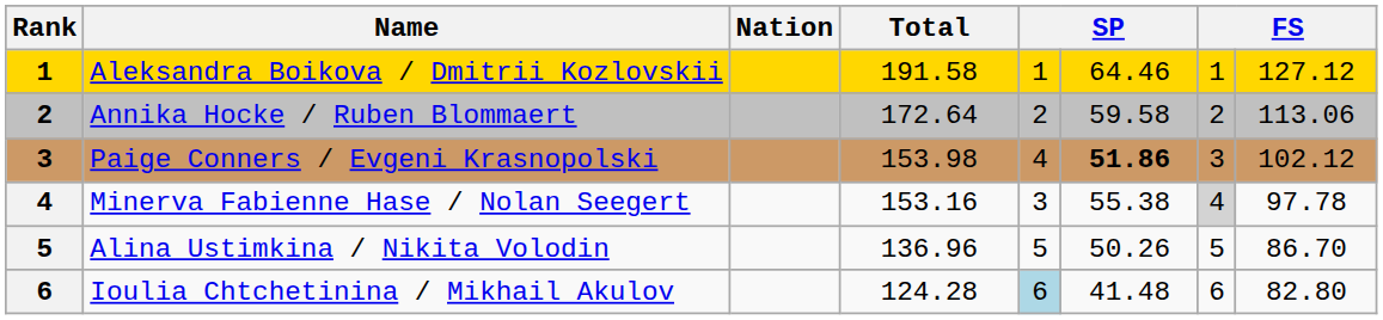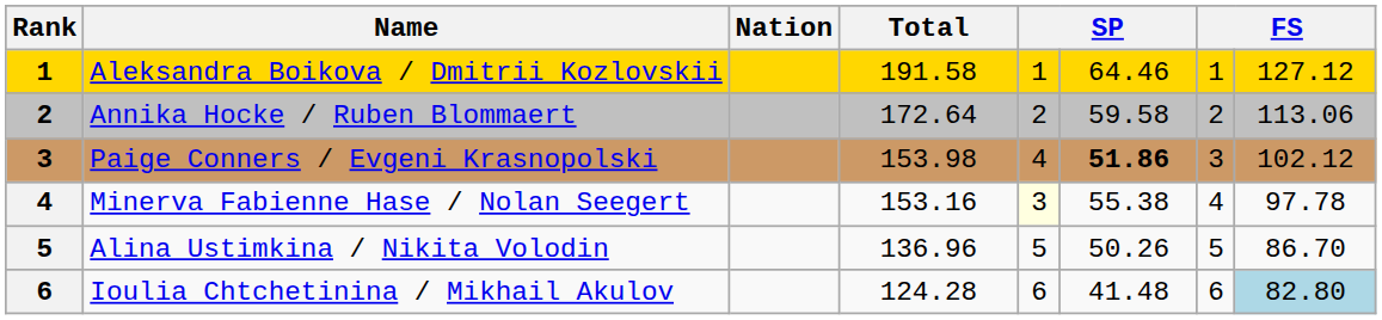 <table class="wikitable sortable">
 <tr>
 <th>Rank</th>
 <th>Name</th>
 <th>Nation</th>
 <th width="80px">Total</th>
 <th colspan="2" width="80px"><a href='#'>SP</a></th>
 <th colspan="2" width="80px"><a href='#'>FS</a></th>
 </tr>
 <tr bgcolor="gold">
 <td align="center"><strong>1</strong></td>
 <td><a href='#'>Aleksandra Boikova</a> / <a href='#'>Dmitrii Kozlovskii</a></td>
 <td></td>
 <td align="center">191.58</td>
 <td align="center">1</td>
 <td align="center">64.46</td>
 <td align="center">1</td>
 <td align="center">127.12</td>
 </tr>
 <tr bgcolor="silver">
 <td align="center"><strong>2</strong></td>
 <td><a href='#'>Annika Hocke</a> / <a href='#'>Ruben Blommaert</a></td>
 <td></td>
 <td align="center">172.64</td>
 <td align="center">2</td>
 <td align="center">59.58</td>
 <td align="center">2</td>
 <td align="center">113.06</td>
 </tr>
 <tr bgcolor="cc9966">
 <td align="center"><strong>3</strong></td>
 <td><a href='#'>Paige Conners</a> / <a href='#'>Evgeni Krasnopolski</a></td>
 <td></td>
 <td align="center">153.98</td>
 <td align="center">4</td>
 <td align="center"><strong>51.86</strong></td>
 <td align="center">3</td>
 <td align="center">102.12</td>
 </tr>
 <tr>
 <th>4</th>
 <td><a href='#'>Minerva Fabienne Hase</a> / <a href='#'>Nolan Seegert</a></td>
 <td></td>
 <td align="center">153.16</td>
-<td align="center">3</td>
+<td align="center" style="background: lightyellow;">3</td>
 <td align="center">55.38</td>
-<td align="center" style="background: lightgrey;">4</td>
+<td align="center">4</td>
 <td align="center">97.78</td>
 </tr>
 <tr>
 <th>5</th>
 <td><a href='#'>Alina Ustimkina</a> / <a href='#'>Nikita Volodin</a></td>
 <td></td>
 <td align="center">136.96</td>
 <td align="center">5</td>
 <td align="center">50.26</td>
 <td align="center">5</td>
 <td align="center">86.70</td>
 </tr>
 <tr>
 <th>6</th>
 <td><a href='#'>Ioulia Chtchetinina</a> / <a href='#'>Mikhail Akulov</a></td>
 <td></td>
 <td align="center">124.28</td>
-<td align="center" style="background: lightblue;">6</td>
+<td align="center">6</td>
 <td align="center">41.48</td>
 <td align="center">6</td>
-<td align="center">82.80</td>
+<td align="center" style="background: lightblue;">82.80</td>
 </tr>
 </table>
